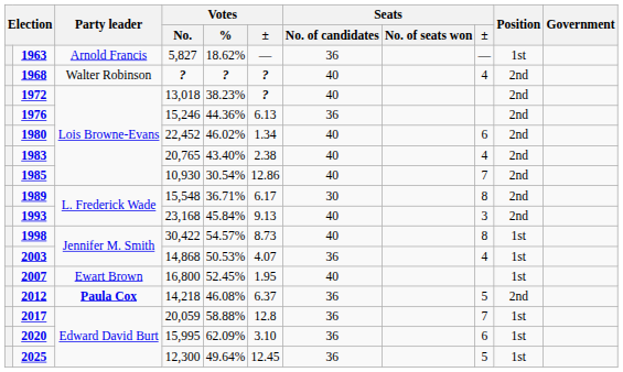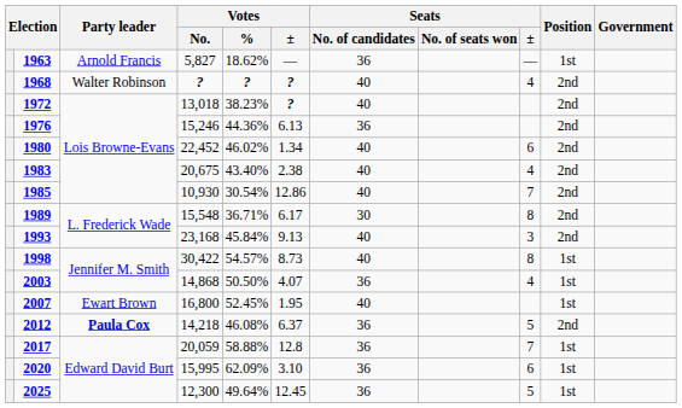 <table class="wikitable" style="text-align:center">
 <tr>
 <th colspan="2" rowspan="2">Election</th>
 <th rowspan="2">Party leader</th>
 <th colspan="3">Votes</th>
 <th colspan="3">Seats</th>
 <th rowspan="2">Position</th>
 <th rowspan="2">Government</th>
 </tr>
 <tr>
 <th>No.</th>
 <th>%</th>
 <th>±</th>
 <th>No. of candidates</th>
 <th>No. of seats won</th>
 <th>±</th>
 </tr>
 <tr>
 <th style="background-color: "></th>
 <td><strong><a href='#'>1963</a></strong></td>
 <td><a href='#'>Arnold Francis</a></td>
 <td>5,827</td>
 <td>18.62%</td>
 <td>—</td>
 <td>36</td>
 <td></td>
 <td>—</td>
 <td> 1st</td>
 <td></td>
 </tr>
 <tr>
 <th style="background-color: "></th>
 <td><strong><a href='#'>1968</a></strong></td>
 <td>Walter Robinson</td>
 <td><strong><em>?</em></strong></td>
 <td><strong><em>?</em></strong></td>
 <td><strong><em>?</em></strong></td>
 <td>40</td>
 <td></td>
 <td> 4</td>
 <td> 2nd</td>
 <td></td>
 </tr>
 <tr>
 <th style="background-color: "></th>
 <td><strong><a href='#'>1972</a></strong></td>
 <td rowspan="5"><a href='#'>Lois Browne-Evans</a></td>
 <td>13,018</td>
 <td>38.23%</td>
 <td><strong><em>?</em></strong></td>
 <td>40</td>
 <td></td>
 <td></td>
 <td> 2nd</td>
 <td></td>
 </tr>
 <tr>
 <th style="background-color: "></th>
 <td><strong><a href='#'>1976</a></strong></td>
 <td>15,246</td>
 <td>44.36%</td>
 <td> 6.13</td>
 <td>36</td>
 <td></td>
 <td></td>
 <td> 2nd</td>
 <td></td>
 </tr>
 <tr>
 <th style="background-color: "></th>
 <td><strong><a href='#'>1980</a></strong></td>
 <td>22,452</td>
 <td>46.02%</td>
 <td> 1.34</td>
 <td>40</td>
 <td></td>
 <td> 6</td>
 <td> 2nd</td>
 <td></td>
 </tr>
 <tr>
 <th style="background-color: "></th>
 <td><strong><a href='#'>1983</a></strong></td>
-<td>20,765</td>
+<td>20,675</td>
 <td>43.40%</td>
 <td> 2.38</td>
 <td>40</td>
 <td></td>
 <td> 4</td>
 <td> 2nd</td>
 <td></td>
 </tr>
 <tr>
 <th style="background-color: "></th>
 <td><strong><a href='#'>1985</a></strong></td>
 <td>10,930</td>
 <td>30.54%</td>
 <td> 12.86</td>
 <td>40</td>
 <td></td>
 <td> 7</td>
 <td> 2nd</td>
 <td></td>
 </tr>
 <tr>
 <th style="background-color: "></th>
 <td><strong><a href='#'>1989</a></strong></td>
 <td rowspan="2"><a href='#'>L. Frederick Wade</a></td>
 <td>15,548</td>
 <td>36.71%</td>
 <td> 6.17</td>
 <td>30</td>
 <td></td>
 <td> 8</td>
 <td> 2nd</td>
 <td></td>
 </tr>
 <tr>
 <th style="background-color: "></th>
 <td><strong><a href='#'>1993</a></strong></td>
 <td>23,168</td>
 <td>45.84%</td>
 <td> 9.13</td>
 <td>40</td>
 <td></td>
 <td> 3</td>
 <td> 2nd</td>
 <td></td>
 </tr>
 <tr>
 <th style="background-color: "></th>
 <td><strong><a href='#'>1998</a></strong></td>
 <td rowspan="2"><a href='#'>Jennifer M. Smith</a></td>
 <td>30,422</td>
 <td>54.57%</td>
 <td> 8.73</td>
 <td>40</td>
 <td></td>
 <td> 8</td>
 <td> 1st</td>
 <td></td>
 </tr>
 <tr>
 <th style="background-color: "></th>
 <td><strong><a href='#'>2003</a></strong></td>
 <td>14,868</td>
-<td>50.53%</td>
+<td>50.50%</td>
 <td> 4.07</td>
 <td>36</td>
 <td></td>
 <td> 4</td>
 <td> 1st</td>
 <td></td>
 </tr>
 <tr>
 <th style="background-color: "></th>
 <td><strong><a href='#'>2007</a></strong></td>
 <td><a href='#'>Ewart Brown</a></td>
 <td>16,800</td>
 <td>52.45%</td>
 <td> 1.95</td>
 <td>40</td>
 <td></td>
 <td></td>
 <td> 1st</td>
 <td></td>
 </tr>
 <tr>
 <th style="background-color: "></th>
 <td><strong><a href='#'>2012</a></strong></td>
 <td><strong><a href='#'>Paula Cox</a></strong></td>
 <td>14,218</td>
 <td>46.08%</td>
 <td> 6.37</td>
 <td>36</td>
 <td></td>
 <td> 5</td>
 <td> 2nd</td>
 <td></td>
 </tr>
 <tr>
 <th style="background-color: "></th>
 <td><strong><a href='#'>2017</a></strong></td>
 <td rowspan="3"><a href='#'>Edward David Burt</a></td>
 <td>20,059</td>
 <td>58.88%</td>
 <td> 12.8</td>
 <td>36</td>
 <td></td>
 <td> 7</td>
 <td> 1st</td>
 <td></td>
 </tr>
 <tr>
 <th style="background-color: "></th>
 <td><strong><a href='#'>2020</a></strong></td>
 <td>15,995</td>
 <td>62.09%</td>
 <td> 3.10</td>
 <td>36</td>
 <td></td>
 <td> 6</td>
 <td> 1st</td>
 <td></td>
 </tr>
 <tr>
 <th style="background-color: "></th>
 <td><strong><a href='#'>2025</a></strong></td>
 <td>12,300</td>
 <td>49.64%</td>
 <td> 12.45</td>
 <td>36</td>
 <td></td>
 <td> 5</td>
 <td> 1st</td>
 <td></td>
 </tr>
 </table>
